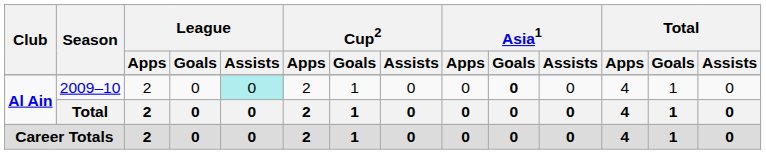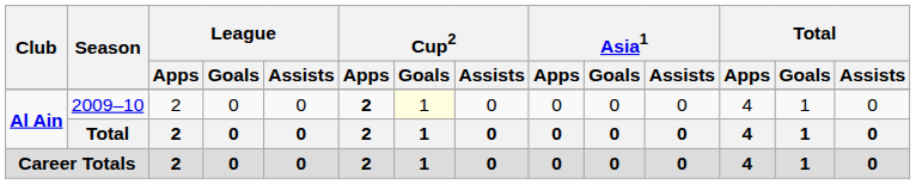 <table class="wikitable" style="font-size:90%; text-align: center;">
 <tr>
 <th rowspan="2">Club</th>
 <th rowspan="2">Season</th>
 <th colspan="3">League</th>
 <th colspan="3"><br>Cup<sup>2</sup></th>
 <th colspan="3"><br><a href='#'>Asia</a><sup>1</sup></th>
 <th colspan="3">Total</th>
 </tr>
 <tr>
 <th>Apps</th>
 <th>Goals</th>
 <th>Assists</th>
 <th>Apps</th>
 <th>Goals</th>
 <th>Assists</th>
 <th>Apps</th>
 <th>Goals</th>
 <th>Assists</th>
 <th>Apps</th>
 <th>Goals</th>
 <th>Assists</th>
 </tr>
 <tr>
 </tr>
 <tr align=center>
 <td rowspan="2" align=center valign=center><strong><a href='#'>Al Ain</a></strong></td>
 <td><a href='#'>2009–10</a></td>
 <td>2</td>
 <td>0</td>
-<td style="background: paleturquoise;">0</td>
-<td>2</td>
-<td>1</td>
+<td>0</td>
+<td><strong>2</strong></td>
+<td style="background: lightyellow;">1</td>
 <td>0</td>
 <td>0</td>
-<td><strong>0</strong></td>
+<td>0</td>
 <td>0</td>
 <td>4</td>
 <td>1</td>
 <td>0</td>
 </tr>
 <tr align=center>
 <th>Total</th>
 <th>2</th>
 <th>0</th>
 <th>0</th>
 <th>2</th>
 <th>1</th>
 <th>0</th>
 <th>0</th>
 <th>0</th>
 <th>0</th>
 <th>4</th>
 <th>1</th>
 <th>0</th>
 </tr>
 <tr>
 <th style="background: #DCDCDC" colspan="2">Career Totals</th>
 <th style="background: #DCDCDC">2</th>
 <th style="background: #DCDCDC">0</th>
 <th style="background: #DCDCDC">0</th>
 <th style="background: #DCDCDC">2</th>
 <th style="background: #DCDCDC">1</th>
 <th style="background: #DCDCDC">0</th>
 <th style="background: #DCDCDC">0</th>
 <th style="background: #DCDCDC">0</th>
 <th style="background: #DCDCDC">0</th>
 <th style="background: #DCDCDC">4</th>
 <th style="background: #DCDCDC">1</th>
 <th style="background: #DCDCDC">0</th>
 </tr>
 </table>
